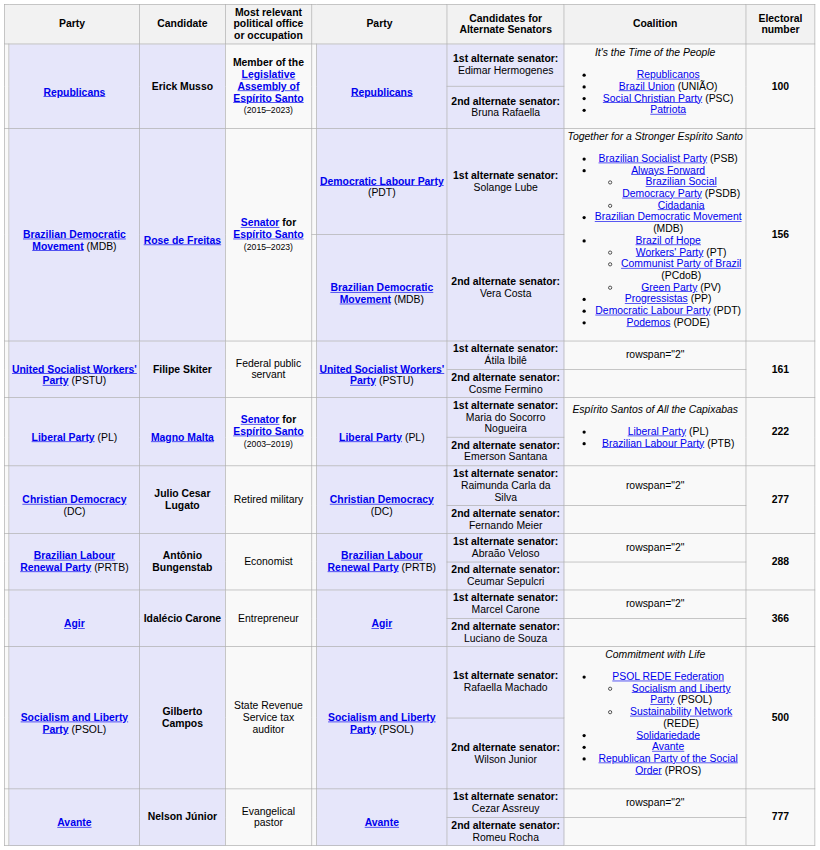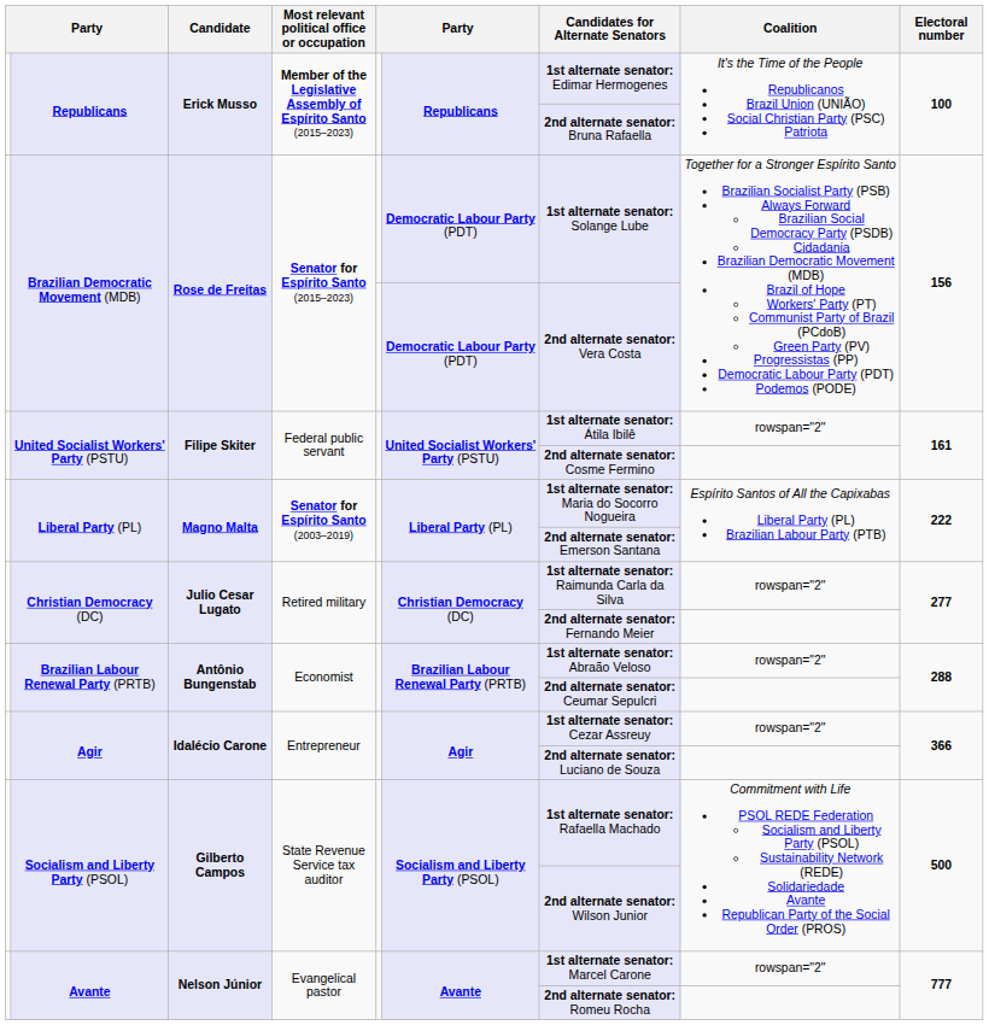 <table class="wikitable" style="text-align:center">
 <tr>
 <th colspan="2">Party</th>
 <th>Candidate</th>
 <th style="max-width:10em">Most relevant political office or occupation</th>
 <th colspan="2">Party</th>
 <th>Candidates for Alternate Senators</th>
 <th>Coalition</th>
 <th>Electoral number</th>
 </tr>
 <tr>
 <td rowspan="2" style="background:"></td>
 <td rowspan="2" style="background:lavender;" max-width:150px><br><strong><a href='#'>Republicans</a></strong></td>
 <td rowspan="2" style="background:lavender;" max-width:150px><strong>Erick Musso</strong></td>
 <td rowspan="2" style="max-width:10em"><strong>Member of the <a href='#'>Legislative Assembly of Espírito Santo</a></strong><br><small>(2015–2023)</small></td>
 <td rowspan="2" style="background:"></td>
 <td rowspan="2" style="background:lavender;" max-width:150px><br><strong><a href='#'>Republicans</a></strong></td>
 <td style="background:lavender;"><strong>1st alternate senator:</strong><br>Edimar Hermogenes</td>
 <td rowspan="2"><em>It's the Time of the People</em><br><ul><li><a href='#'>Republicanos</a></li><li><a href='#'>Brazil Union</a> (UNIÃO)</li><li><a href='#'>Social Christian Party</a> (PSC)</li><li><a href='#'>Patriota</a></li></ul></td>
 <td rowspan="2"><strong>100</strong></td>
 </tr>
 <tr>
 <td style="background:lavender;"><strong>2nd alternate senator:</strong><br>Bruna Rafaella</td>
 </tr>
 <tr>
 <td rowspan="2" style="background:"></td>
 <td rowspan="2" style="background:lavender;" max-width:150px><br><strong><a href='#'>Brazilian Democratic Movement</a></strong> (MDB)</td>
 <td rowspan="2" style="background:lavender;" max-width:150px><br><strong><a href='#'>Rose de Freitas</a></strong></td>
 <td rowspan="2" style="max-width:10em"><strong><a href='#'>Senator</a> for <a href='#'>Espírito Santo</a></strong><br><small>(2015–2023)</small></td>
 <td style="background:"></td>
 <td style="background:lavender;" max-width:150px><br><strong><a href='#'>Democratic Labour Party</a></strong> (PDT)</td>
 <td style="background:lavender;"><strong>1st alternate senator:</strong><br>Solange Lube</td>
 <td rowspan="2"><em>Together for a Stronger Espírito Santo</em><br><ul><li><a href='#'>Brazilian Socialist Party</a> (PSB)</li><li><a href='#'>Always Forward</a><ul><li><a href='#'>Brazilian Social Democracy Party</a> (PSDB)</li><li><a href='#'>Cidadania</a></li></ul></li><li><a href='#'>Brazilian Democratic Movement</a> (MDB)</li><li><a href='#'>Brazil of Hope</a><ul><li><a href='#'>Workers' Party</a> (PT)</li><li><a href='#'>Communist Party of Brazil</a> (PCdoB)</li><li><a href='#'>Green Party</a> (PV)</li></ul></li><li><a href='#'>Progressistas</a> (PP)</li><li><a href='#'>Democratic Labour Party</a> (PDT)</li><li><a href='#'>Podemos</a> (PODE)</li></ul></td>
 <td rowspan="2"><strong>156</strong></td>
 </tr>
 <tr>
 <td style="background:"></td>
-<td style="background:lavender;" max-width:150px><br><strong><a href='#'>Brazilian Democratic Movement</a></strong> (MDB)</td>
+<td style="background:lavender;" max-width:150px><br><strong><a href='#'>Democratic Labour Party</a></strong> (PDT)</td>
 <td style="background:lavender;"><strong>2nd alternate senator:</strong><br>Vera Costa</td>
 </tr>
 <tr>
 <td rowspan="2" style="background:"></td>
 <td rowspan="2" style="background:lavender;" max-width:150px><br><strong><a href='#'>United Socialist Workers' Party</a></strong> (PSTU)</td>
 <td rowspan="2" style="background:lavender;" max-width:150px><strong>Filipe Skiter</strong></td>
 <td rowspan="2" style="max-width:10em">Federal public servant</td>
 <td rowspan="2" style="background:"></td>
 <td rowspan="2" style="background:lavender;" max-width:150px><br><strong><a href='#'>United Socialist Workers' Party</a></strong> (PSTU)</td>
 <td style="background:lavender;"><strong>1st alternate senator:</strong><br>Átila Ibilê</td>
 <td>rowspan="2" </td>
 <td rowspan="2"><strong>161</strong></td>
 </tr>
 <tr>
 <td style="background:lavender;"><strong>2nd alternate senator:</strong><br>Cosme Fermino</td>
 </tr>
 <tr>
 <td rowspan="2" style="background:"></td>
 <td rowspan="2" style="background:lavender;" max-width:150px><br><strong><a href='#'>Liberal Party</a></strong> (PL)</td>
 <td rowspan="2" style="background:lavender;" max-width:150px><br><strong><a href='#'>Magno Malta</a></strong></td>
 <td rowspan="2" style="max-width:10em"><strong><a href='#'>Senator</a> for <a href='#'>Espírito Santo</a></strong><br><small>(2003–2019)</small></td>
 <td rowspan="2" style="background:"></td>
 <td rowspan="2" style="background:lavender;" max-width:150px><br><strong><a href='#'>Liberal Party</a></strong> (PL)</td>
 <td style="background:lavender;"><strong>1st alternate senator:</strong><br>Maria do Socorro Nogueira</td>
 <td rowspan="2"><em>Espírito Santos of All the Capixabas</em><br><ul><li><a href='#'>Liberal Party</a> (PL)</li><li><a href='#'>Brazilian Labour Party</a> (PTB)</li></ul></td>
 <td rowspan="2"><strong>222</strong></td>
 </tr>
 <tr>
 <td style="background:lavender;"><strong>2nd alternate senator:</strong><br>Emerson Santana</td>
 </tr>
 <tr>
 <td rowspan="2" style="background:"></td>
 <td rowspan="2" style="background:lavender;" max-width:150px><br><strong><a href='#'>Christian Democracy</a></strong> (DC)</td>
 <td rowspan="2" style="background:lavender;" max-width:150px><strong>Julio Cesar Lugato</strong></td>
 <td rowspan="2" style="max-width:10em">Retired military</td>
 <td rowspan="2" style="background:"></td>
 <td rowspan="2" style="background:lavender;" max-width:150px><br><strong><a href='#'>Christian Democracy</a></strong> (DC)</td>
 <td style="background:lavender;"><strong>1st alternate senator:</strong><br>Raimunda Carla da Silva</td>
 <td>rowspan="2" </td>
 <td rowspan="2"><strong>277</strong></td>
 </tr>
 <tr>
 <td style="background:lavender;"><strong>2nd alternate senator:</strong><br>Fernando Meier</td>
 </tr>
 <tr>
 <td rowspan="2" style="background:"></td>
 <td rowspan="2" style="background:lavender;" max-width:150px><strong><a href='#'>Brazilian Labour Renewal Party</a></strong> (PRTB)</td>
 <td rowspan="2" style="background:lavender;" max-width:150px><strong>Antônio Bungenstab</strong></td>
 <td rowspan="2" style="max-width:10em">Economist</td>
 <td rowspan="2" style="background:"></td>
 <td rowspan="2" style="background:lavender;" max-width:150px><strong><a href='#'>Brazilian Labour Renewal Party</a></strong> (PRTB)</td>
 <td style="background:lavender;"><strong>1st alternate senator:</strong><br>Abraão Veloso</td>
 <td>rowspan="2" </td>
 <td rowspan="2"><strong>288</strong></td>
 </tr>
 <tr>
 <td style="background:lavender;"><strong>2nd alternate senator:</strong><br>Ceumar Sepulcri</td>
 </tr>
 <tr>
 <td rowspan="2" style="background:"></td>
 <td rowspan="2" style="background:lavender;" max-width:150px><br><strong><a href='#'>Agir</a></strong></td>
 <td rowspan="2" style="background:lavender;" max-width:150px><strong>Idalécio Carone</strong></td>
 <td rowspan="2" style="max-width:10em">Entrepreneur</td>
 <td rowspan="2" style="background:"></td>
 <td rowspan="2" style="background:lavender;" max-width:150px><br><strong><a href='#'>Agir</a></strong></td>
-<td style="background:lavender;"><strong>1st alternate senator:</strong><br>Marcel Carone</td>
+<td style="background:lavender;"><strong>1st alternate senator:</strong><br>Cezar Assreuy</td>
 <td>rowspan="2" </td>
 <td rowspan="2"><strong>366</strong></td>
 </tr>
 <tr>
 <td style="background:lavender;"><strong>2nd alternate senator:</strong><br>Luciano de Souza</td>
 </tr>
 <tr>
 <td rowspan="2" style="background:"></td>
 <td rowspan="2" style="background:lavender;" max-width:150px><br><strong><a href='#'>Socialism and Liberty Party</a></strong> (PSOL)</td>
 <td rowspan="2" style="background:lavender;" max-width:150px><strong>Gilberto Campos</strong></td>
 <td rowspan="2" style="max-width:10em">State Revenue Service tax auditor</td>
 <td rowspan="2" style="background:"></td>
 <td rowspan="2" style="background:lavender;" max-width:150px><br><strong><a href='#'>Socialism and Liberty Party</a></strong> (PSOL)</td>
 <td style="background:lavender;"><strong>1st alternate senator:</strong><br>Rafaella Machado</td>
 <td rowspan="2"><em>Commitment with Life</em><br><ul><li><a href='#'>PSOL REDE Federation</a><ul><li><a href='#'>Socialism and Liberty Party</a> (PSOL)</li><li><a href='#'>Sustainability Network</a>  (REDE)</li></ul></li><li><a href='#'>Solidariedade</a></li><li><a href='#'>Avante</a></li><li><a href='#'>Republican Party of the Social Order</a> (PROS)</li></ul></td>
 <td rowspan="2"><strong>500</strong></td>
 </tr>
 <tr>
 <td style="background:lavender;"><strong>2nd alternate senator:</strong><br>Wilson Junior</td>
 </tr>
 <tr>
 <td rowspan="2" style="background:"></td>
 <td rowspan="2" style="background:lavender;" max-width:150px><br><strong><a href='#'>Avante</a></strong></td>
 <td rowspan="2" style="background:lavender;" max-width:150px><strong>Nelson Júnior</strong></td>
 <td rowspan="2" style="max-width:10em">Evangelical pastor</td>
 <td rowspan="2" style="background:"></td>
 <td rowspan="2" style="background:lavender;" max-width:150px><br><strong><a href='#'>Avante</a></strong></td>
-<td style="background:lavender;"><strong>1st alternate senator:</strong><br>Cezar Assreuy</td>
+<td style="background:lavender;"><strong>1st alternate senator:</strong><br>Marcel Carone</td>
 <td>rowspan="2" </td>
 <td rowspan="2"><strong>777</strong></td>
 </tr>
 <tr>
 <td style="background:lavender;"><strong>2nd alternate senator:</strong><br>Romeu Rocha</td>
 </tr>
 </table>
